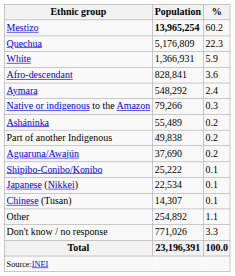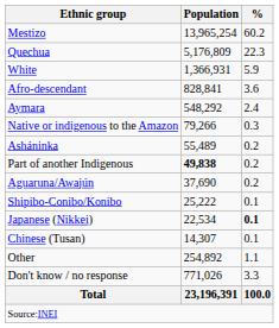 <table class="wikitable sortable" style="text-align:left">
 <tr>
 <th colspan="2">Ethnic group</th>
 <th>Population</th>
 <th>%</th>
 </tr>
 <tr>
 <td colspan="2"><a href='#'>Mestizo</a></td>
-<td><strong>13,965,254</strong></td>
+<td>13,965,254</td>
 <td>60.2</td>
 </tr>
 <tr>
 <td colspan="2"><a href='#'>Quechua</a></td>
 <td>5,176,809</td>
 <td>22.3</td>
 </tr>
 <tr>
 <td colspan="2"><a href='#'>White</a></td>
 <td>1,366,931</td>
 <td>5.9</td>
 </tr>
 <tr>
 <td colspan="2"><a href='#'>Afro-descendant</a></td>
 <td>828,841</td>
 <td>3.6</td>
 </tr>
 <tr>
 <td colspan="2"><a href='#'>Aymara</a></td>
 <td>548,292</td>
 <td>2.4</td>
 </tr>
 <tr>
 <td colspan="2"><a href='#'>Native or indigenous</a> to the <a href='#'>Amazon</a></td>
 <td>79,266</td>
 <td>0.3</td>
 </tr>
 <tr>
 <td colspan="2"><a href='#'>Asháninka</a></td>
 <td>55,489</td>
 <td>0.2</td>
 </tr>
 <tr>
 <td colspan="2">Part of another Indigenous</td>
-<td>49,838</td>
+<td><strong>49,838</strong></td>
 <td>0.2</td>
 </tr>
 <tr>
 <td colspan="2"><a href='#'>Aguaruna/Awajún</a></td>
 <td>37,690</td>
 <td>0.2</td>
 </tr>
 <tr>
 <td colspan="2"><a href='#'>Shipibo-Conibo/Konibo</a></td>
 <td>25,222</td>
 <td>0.1</td>
 </tr>
 <tr>
 <td colspan="2"><a href='#'>Japanese</a> (<a href='#'>Nikkei</a>)</td>
 <td>22,534</td>
-<td>0.1</td>
+<td><strong>0.1</strong></td>
 </tr>
 <tr>
 <td colspan="2"><a href='#'>Chinese</a> (Tusan)</td>
 <td>14,307</td>
 <td>0.1</td>
 </tr>
 <tr>
 <td colspan="2">Other</td>
 <td>254,892</td>
 <td>1.1</td>
 </tr>
 <tr>
 <td colspan="2">Don't know / no response</td>
 <td>771,026</td>
 <td>3.3</td>
 </tr>
 <tr>
 <th colspan="2">Total</th>
 <th align=center>23,196,391</th>
 <th align=center>100.0</th>
 </tr>
 <tr>
 <td colspan="4" style="text-align:left;"><small>Source:<a href='#'>INEI</a> </small></td>
 </tr>
 </table>
